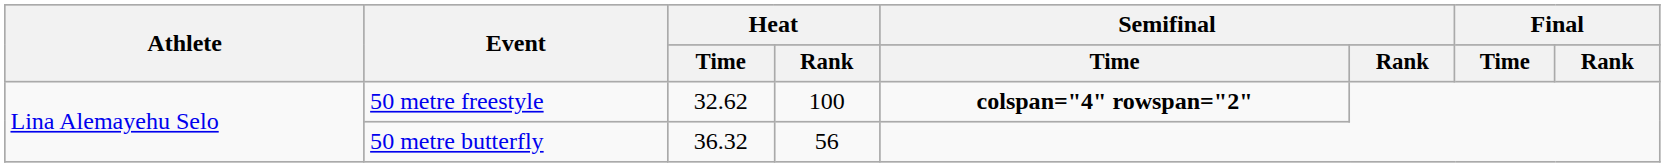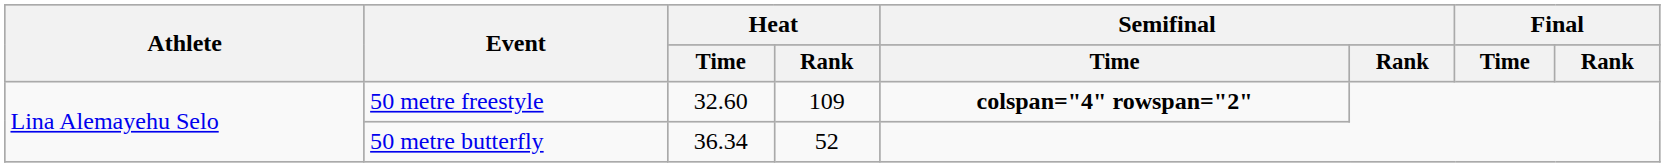 <table class="wikitable" style="text-align:center; font-size:90%; width:50%;">
 <tr>
 <th rowspan="2">Athlete</th>
 <th rowspan="2">Event</th>
 <th colspan="2">Heat</th>
 <th colspan="2">Semifinal</th>
 <th colspan="2">Final</th>
 </tr>
 <tr style="font-size:95%">
 <th>Time</th>
 <th>Rank</th>
 <th>Time</th>
 <th>Rank</th>
 <th>Time</th>
 <th>Rank</th>
 </tr>
 <tr>
 <td align=left rowspan=2><a href='#'>Lina Alemayehu Selo</a></td>
 <td align=left><a href='#'>50 metre freestyle</a></td>
-<td>32.62</td>
-<td>100</td>
+<td>32.60</td>
+<td>109</td>
 <td><strong>colspan="4" rowspan="2" </strong></td>
 </tr>
 <tr>
 <td align=left><a href='#'>50 metre butterfly</a></td>
-<td>36.32</td>
-<td>56</td>
+<td>36.34</td>
+<td>52</td>
 </tr>
 </table>
